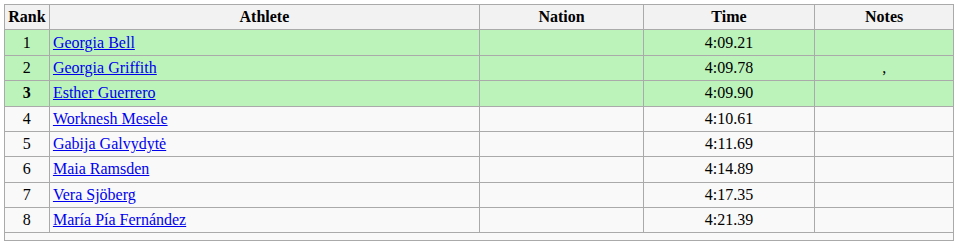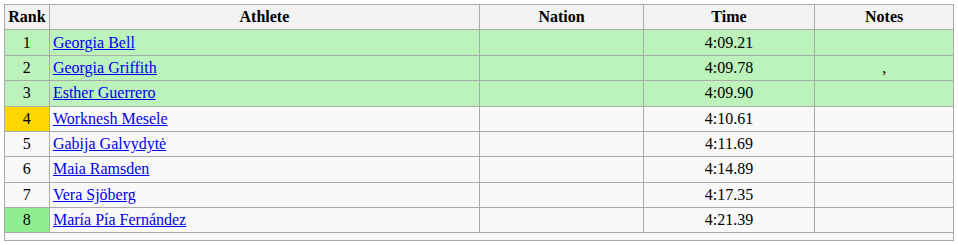 <table class="wikitable sortable" style="text-align:center;width: 60%;">
 <tr>
 <th scope="col" style="width: 10px;">Rank</th>
 <th scope="col">Athlete</th>
 <th scope="col">Nation</th>
 <th scope="col">Time</th>
 <th scope="col">Notes</th>
 </tr>
 <tr bgcolor=bbf3bb>
 <td>1</td>
 <td align=left><a href='#'>Georgia Bell</a></td>
 <td align=left></td>
 <td>4:09.21</td>
 <td></td>
 </tr>
 <tr bgcolor=bbf3bb>
 <td>2</td>
 <td align=left><a href='#'>Georgia Griffith</a></td>
 <td align=left></td>
 <td>4:09.78</td>
 <td>, </td>
 </tr>
 <tr bgcolor=bbf3bb>
-<td><strong>3</strong></td>
+<td>3</td>
 <td align=left><a href='#'>Esther Guerrero</a></td>
 <td align=left></td>
 <td>4:09.90</td>
 <td></td>
 </tr>
 <tr>
-<td>4</td>
+<td style="background: gold;">4</td>
 <td align=left><a href='#'>Worknesh Mesele</a></td>
 <td align=left></td>
 <td>4:10.61</td>
 <td></td>
 </tr>
 <tr>
 <td>5</td>
 <td align=left><a href='#'>Gabija Galvydytė</a></td>
 <td align=left></td>
 <td>4:11.69</td>
 <td></td>
 </tr>
 <tr>
 <td>6</td>
 <td align=left><a href='#'>Maia Ramsden</a></td>
 <td align=left></td>
 <td>4:14.89</td>
 <td></td>
 </tr>
 <tr>
 <td>7</td>
 <td align=left><a href='#'>Vera Sjöberg</a></td>
 <td align=left></td>
 <td>4:17.35</td>
 <td></td>
 </tr>
 <tr>
-<td>8</td>
+<td style="background: lightgreen;">8</td>
 <td align=left><a href='#'>María Pía Fernández</a></td>
 <td align=left></td>
 <td>4:21.39</td>
 <td></td>
 </tr>
 <tr class="sortbottom">
 <td colspan="5"></td>
 </tr>
 </table>
